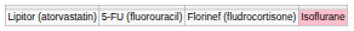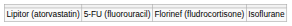 <table class="wikitable" style="margin:auto; text-align:center; font-size:85%;">
 <tr>
 <th></th>
 <th></th>
 <th></th>
 <th></th>
 </tr>
 <tr>
 <td>Lipitor (atorvastatin)</td>
 <td>5-FU (fluorouracil)</td>
 <td>Florinef (fludrocortisone)</td>
-<td style="background: pink;">Isoflurane</td>
+<td>Isoflurane</td>
 </tr>
 </table>
